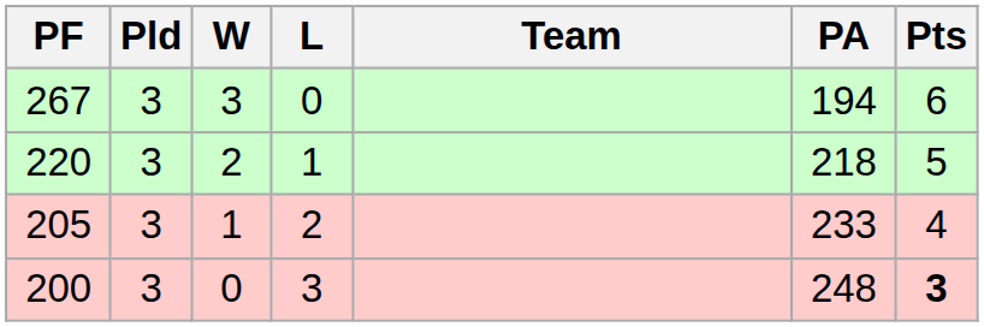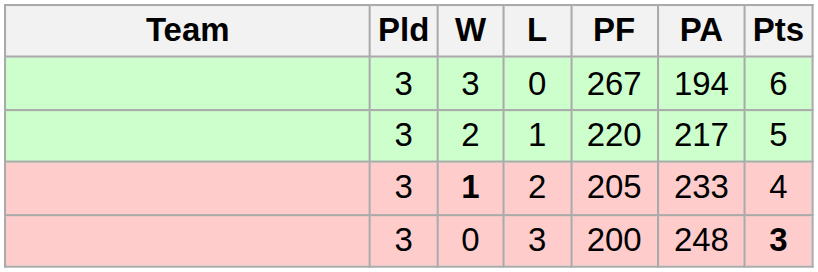 <table class="wikitable" style="text-align:center;">
 <tr>
-<th width=35>PF</th>
+<th width=170>Team</th>
 <th width=25>Pld</th>
 <th width=25>W</th>
 <th width=25>L</th>
-<th width=170>Team</th>
+<th width=35>PF</th>
 <th width=35>PA</th>
 <th width=25>Pts</th>
 </tr>
 <tr bgcolor=#ccffcc>
-<td>267</td>
+<td align="left"></td>
 <td>3</td>
 <td>3</td>
 <td>0</td>
-<td align="left"></td>
+<td>267</td>
 <td>194</td>
 <td>6</td>
 </tr>
 <tr bgcolor=#ccffcc>
-<td>220</td>
+<td align="left"></td>
 <td>3</td>
 <td>2</td>
 <td>1</td>
-<td align="left"></td>
-<td>218</td>
+<td>220</td>
+<td>217</td>
 <td>5</td>
 </tr>
 <tr bgcolor=#ffcccc>
+<td align="left"></td>
+<td>3</td>
+<td><strong>1</strong></td>
+<td>2</td>
 <td>205</td>
-<td>3</td>
-<td>1</td>
-<td>2</td>
-<td align="left"></td>
 <td>233</td>
 <td>4</td>
 </tr>
 <tr bgcolor=#ffcccc>
-<td>200</td>
+<td align="left"></td>
 <td>3</td>
 <td>0</td>
 <td>3</td>
-<td align="left"></td>
+<td>200</td>
 <td>248</td>
 <td><strong>3</strong></td>
 </tr>
 </table>
